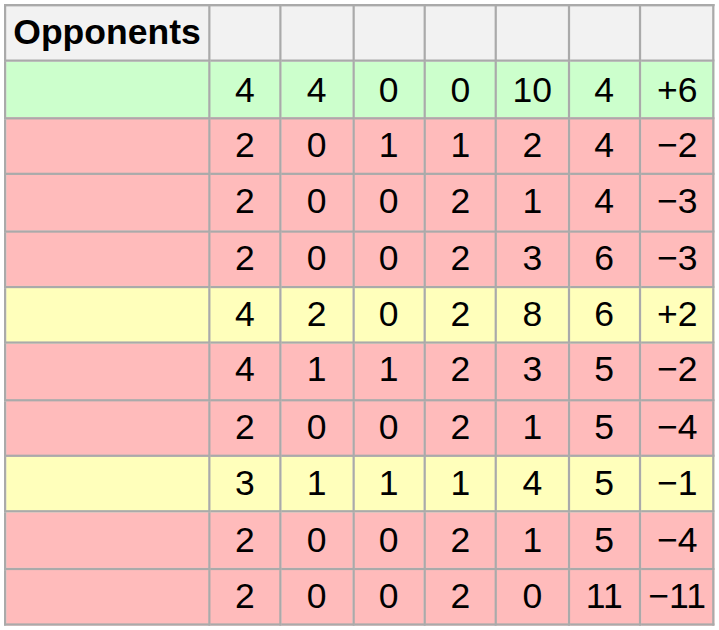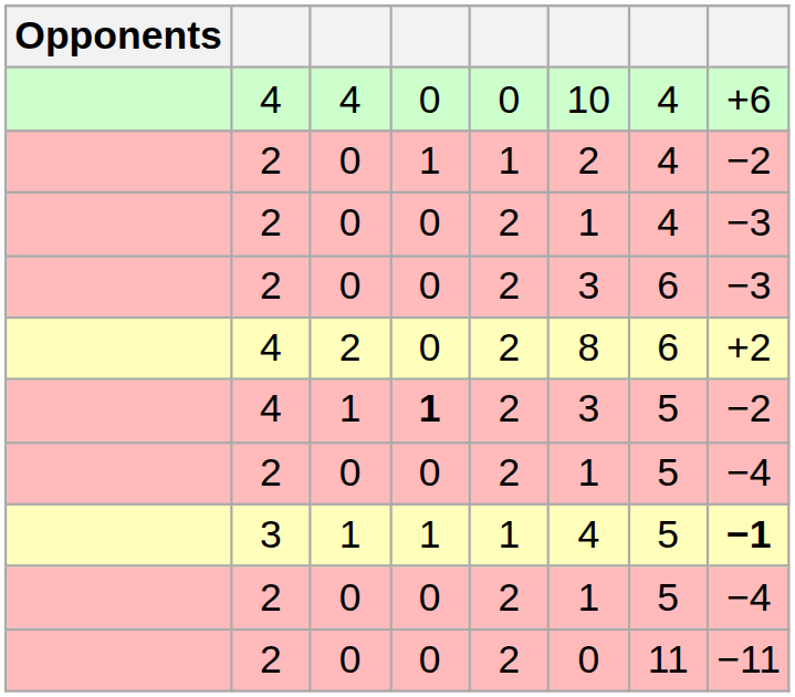 <table class="wikitable sortable collapsible collapsed" style="text-align: center; font-size: 100%;">
 <tr>
 </tr>
 <tr>
 <th>Opponents</th>
 <th width=25></th>
 <th width=25></th>
 <th width=25></th>
 <th width=25></th>
 <th width=25></th>
 <th width=25></th>
 <th width=25></th>
 </tr>
 <tr bgcolor="#CCFFCC">
 <td align="left"></td>
 <td>4</td>
 <td>4</td>
 <td>0</td>
 <td>0</td>
 <td>10</td>
 <td>4</td>
 <td>+6</td>
 </tr>
 <tr bgcolor="#FFBBBB">
 <td align="left"></td>
 <td>2</td>
 <td>0</td>
 <td>1</td>
 <td>1</td>
 <td>2</td>
 <td>4</td>
 <td>−2</td>
 </tr>
 <tr bgcolor="#FFBBBB">
 <td align="left"></td>
 <td>2</td>
 <td>0</td>
 <td>0</td>
 <td>2</td>
 <td>1</td>
 <td>4</td>
 <td>−3</td>
 </tr>
 <tr bgcolor="#FFBBBB">
 <td align="left"></td>
 <td>2</td>
 <td>0</td>
 <td>0</td>
 <td>2</td>
 <td>3</td>
 <td>6</td>
 <td>−3</td>
 </tr>
 <tr bgcolor="#FFFFBB">
 <td align="left"></td>
 <td>4</td>
 <td>2</td>
 <td>0</td>
 <td>2</td>
 <td>8</td>
 <td>6</td>
 <td>+2</td>
 </tr>
 <tr bgcolor="#FFBBBB">
 <td align="left"></td>
 <td>4</td>
 <td>1</td>
-<td>1</td>
+<td><strong>1</strong></td>
 <td>2</td>
 <td>3</td>
 <td>5</td>
 <td>−2</td>
 </tr>
 <tr bgcolor="#FFBBBB">
 <td align="left"></td>
 <td>2</td>
 <td>0</td>
 <td>0</td>
 <td>2</td>
 <td>1</td>
 <td>5</td>
 <td>−4</td>
 </tr>
 <tr bgcolor="#FFFFBB">
 <td align="left"></td>
 <td>3</td>
 <td>1</td>
 <td>1</td>
 <td>1</td>
 <td>4</td>
 <td>5</td>
-<td>−1</td>
+<td><strong>−1</strong></td>
 </tr>
 <tr bgcolor="#FFBBBB">
 <td align="left"></td>
 <td>2</td>
 <td>0</td>
 <td>0</td>
 <td>2</td>
 <td>1</td>
 <td>5</td>
 <td>−4</td>
 </tr>
 <tr bgcolor="#FFBBBB">
 <td align="left"></td>
 <td>2</td>
 <td>0</td>
 <td>0</td>
 <td>2</td>
 <td>0</td>
 <td>11</td>
 <td>−11</td>
 </tr>
 </table>
